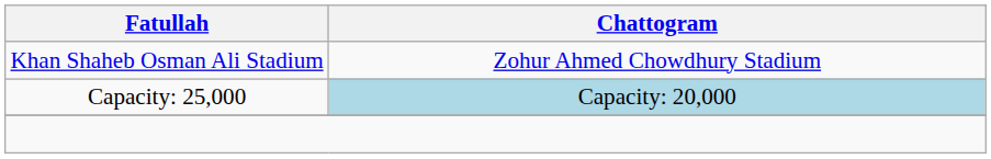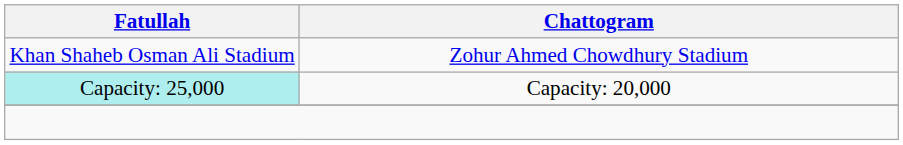 <table class="wikitable" style="text-align:center; display:inline-block; border: 0">
 <tr>
 <th style="width:33%;"><a href='#'>Fatullah</a></th>
 <th style="width:33%:"><a href='#'>Chattogram</a></th>
 </tr>
 <tr>
 <td><a href='#'>Khan Shaheb Osman Ali Stadium</a></td>
 <td><a href='#'>Zohur Ahmed Chowdhury Stadium</a></td>
 </tr>
 <tr>
-<td>Capacity: 25,000</td>
-<td style="background: lightblue;">Capacity: 20,000</td>
+<td style="background: paleturquoise;">Capacity: 25,000</td>
+<td>Capacity: 20,000</td>
 </tr>
 <tr>
 </tr>
 <tr>
 <td colspan=3><br></td>
 </tr>
 </table>
